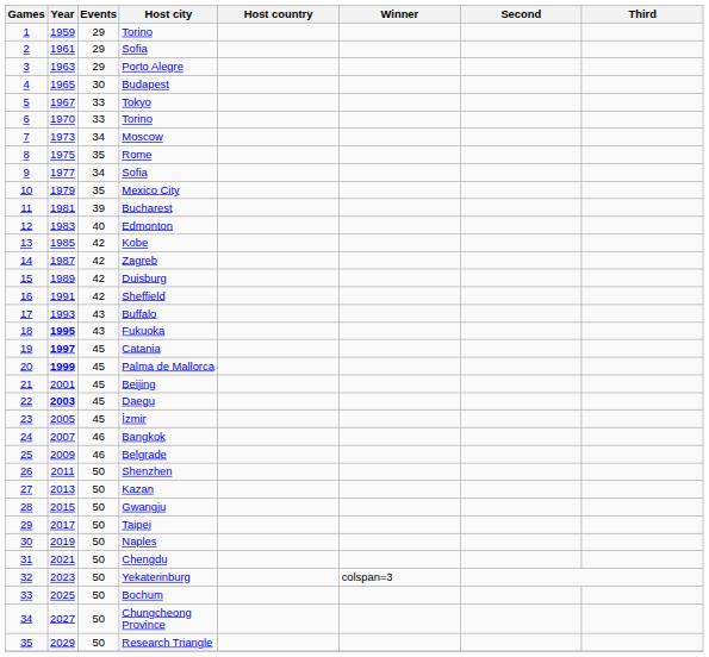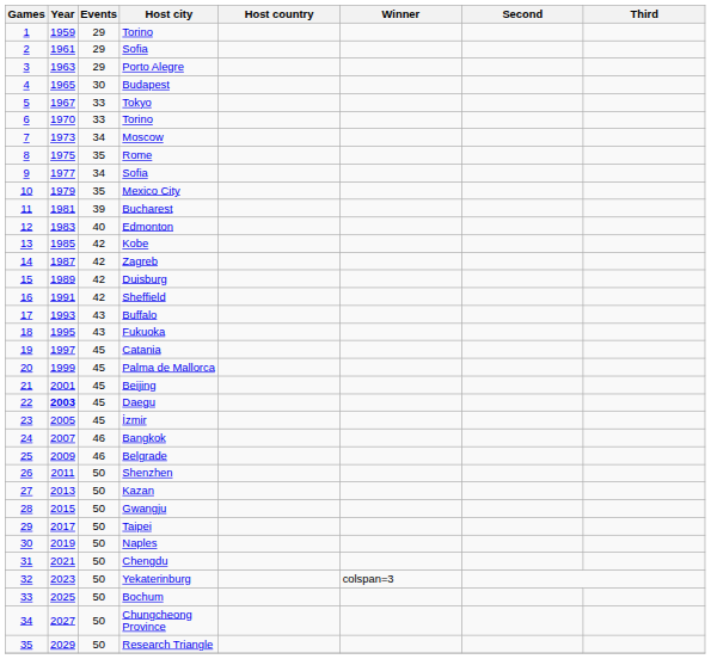 <table class=wikitable style=font-size:90%;>
 <tr>
 <th width=40>Games</th>
 <th width=30>Year</th>
 <th width=30>Events</th>
 <th width=120>Host city</th>
 <th width=150>Host country</th>
 <th width=150>Winner</th>
 <th width=150>Second</th>
 <th width=150>Third</th>
 </tr>
 <tr>
 <td align=center><a href='#'>1</a></td>
 <td align=center><a href='#'>1959</a></td>
 <td align=center>29</td>
 <td><a href='#'>Torino</a></td>
 <td></td>
 <td></td>
 <td></td>
 <td></td>
 </tr>
 <tr>
 <td align=center><a href='#'>2</a></td>
 <td align=center><a href='#'>1961</a></td>
 <td align=center>29</td>
 <td><a href='#'>Sofia</a></td>
 <td></td>
 <td></td>
 <td></td>
 <td></td>
 </tr>
 <tr>
 <td align=center><a href='#'>3</a></td>
 <td align=center><a href='#'>1963</a></td>
 <td align=center>29</td>
 <td><a href='#'>Porto Alegre</a></td>
 <td></td>
 <td></td>
 <td></td>
 <td></td>
 </tr>
 <tr>
 <td align=center><a href='#'>4</a></td>
 <td align=center><a href='#'>1965</a></td>
 <td align=center>30</td>
 <td><a href='#'>Budapest</a></td>
 <td></td>
 <td></td>
 <td></td>
 <td></td>
 </tr>
 <tr>
 <td align=center><a href='#'>5</a></td>
 <td align=center><a href='#'>1967</a></td>
 <td align=center>33</td>
 <td><a href='#'>Tokyo</a></td>
 <td></td>
 <td></td>
 <td></td>
 <td></td>
 </tr>
 <tr>
 <td align=center><a href='#'>6</a></td>
 <td align=center><a href='#'>1970</a></td>
 <td align=center>33</td>
 <td><a href='#'>Torino</a></td>
 <td></td>
 <td></td>
 <td></td>
 <td></td>
 </tr>
 <tr>
 <td align=center><a href='#'>7</a></td>
 <td align=center><a href='#'>1973</a></td>
 <td align=center>34</td>
 <td><a href='#'>Moscow</a></td>
 <td></td>
 <td></td>
 <td></td>
 <td></td>
 </tr>
 <tr>
 <td align=center><a href='#'>8</a></td>
 <td align=center><a href='#'>1975</a></td>
 <td align=center>35</td>
 <td><a href='#'>Rome</a></td>
 <td></td>
 <td></td>
 <td></td>
 <td></td>
 </tr>
 <tr>
 <td align=center><a href='#'>9</a></td>
 <td align=center><a href='#'>1977</a></td>
 <td align=center>34</td>
 <td><a href='#'>Sofia</a></td>
 <td></td>
 <td></td>
 <td></td>
 <td></td>
 </tr>
 <tr>
 <td align=center><a href='#'>10</a></td>
 <td align=center><a href='#'>1979</a></td>
 <td align=center>35</td>
 <td><a href='#'>Mexico City</a></td>
 <td></td>
 <td></td>
 <td></td>
 <td></td>
 </tr>
 <tr>
 <td align=center><a href='#'>11</a></td>
 <td align=center><a href='#'>1981</a></td>
 <td align=center>39</td>
 <td><a href='#'>Bucharest</a></td>
 <td></td>
 <td></td>
 <td></td>
 <td></td>
 </tr>
 <tr>
 <td align=center><a href='#'>12</a></td>
 <td align=center><a href='#'>1983</a></td>
 <td align=center>40</td>
 <td><a href='#'>Edmonton</a></td>
 <td></td>
 <td></td>
 <td></td>
 <td></td>
 </tr>
 <tr>
 <td align=center><a href='#'>13</a></td>
 <td align=center><a href='#'>1985</a></td>
 <td align=center>42</td>
 <td><a href='#'>Kobe</a></td>
 <td></td>
 <td></td>
 <td></td>
 <td></td>
 </tr>
 <tr>
 <td align=center><a href='#'>14</a></td>
 <td align=center><a href='#'>1987</a></td>
 <td align=center>42</td>
 <td><a href='#'>Zagreb</a></td>
 <td></td>
 <td></td>
 <td></td>
 <td></td>
 </tr>
 <tr>
 <td align=center><a href='#'>15</a></td>
 <td align=center><a href='#'>1989</a></td>
 <td align=center>42</td>
 <td><a href='#'>Duisburg</a></td>
 <td></td>
 <td></td>
 <td></td>
 <td></td>
 </tr>
 <tr>
 <td align=center><a href='#'>16</a></td>
 <td align=center><a href='#'>1991</a></td>
 <td align=center>42</td>
 <td><a href='#'>Sheffield</a></td>
 <td></td>
 <td></td>
 <td></td>
 <td></td>
 </tr>
 <tr>
 <td align=center><a href='#'>17</a></td>
 <td align=center><a href='#'>1993</a></td>
 <td align=center>43</td>
 <td><a href='#'>Buffalo</a></td>
 <td></td>
 <td></td>
 <td></td>
 <td></td>
 </tr>
 <tr>
 <td align=center><a href='#'>18</a></td>
-<td align=center><strong><a href='#'>1995</a></strong></td>
+<td align=center><a href='#'>1995</a></td>
 <td align=center>43</td>
 <td><a href='#'>Fukuoka</a></td>
 <td></td>
 <td></td>
 <td></td>
 <td></td>
 </tr>
 <tr>
 <td align=center><a href='#'>19</a></td>
-<td align=center><strong><a href='#'>1997</a></strong></td>
+<td align=center><a href='#'>1997</a></td>
 <td align=center>45</td>
 <td><a href='#'>Catania</a></td>
 <td></td>
 <td></td>
 <td></td>
 <td></td>
 </tr>
 <tr>
 <td align=center><a href='#'>20</a></td>
-<td align=center><strong><a href='#'>1999</a></strong></td>
+<td align=center><a href='#'>1999</a></td>
 <td align=center>45</td>
 <td><a href='#'>Palma de Mallorca</a></td>
 <td></td>
 <td></td>
 <td></td>
 <td></td>
 </tr>
 <tr>
 <td align=center><a href='#'>21</a></td>
 <td align=center><a href='#'>2001</a></td>
 <td align=center>45</td>
 <td><a href='#'>Beijing</a></td>
 <td></td>
 <td></td>
 <td></td>
 <td></td>
 </tr>
 <tr>
 <td align=center><a href='#'>22</a></td>
 <td align=center><strong><a href='#'>2003</a></strong></td>
 <td align=center>45</td>
 <td><a href='#'>Daegu</a></td>
 <td></td>
 <td></td>
 <td></td>
 <td></td>
 </tr>
 <tr>
 <td align=center><a href='#'>23</a></td>
 <td align=center><a href='#'>2005</a></td>
 <td align=center>45</td>
 <td><a href='#'>İzmir</a></td>
 <td></td>
 <td></td>
 <td></td>
 <td></td>
 </tr>
 <tr>
 <td align=center><a href='#'>24</a></td>
 <td align=center><a href='#'>2007</a></td>
 <td align=center>46</td>
 <td><a href='#'>Bangkok</a></td>
 <td></td>
 <td></td>
 <td></td>
 <td></td>
 </tr>
 <tr>
 <td align=center><a href='#'>25</a></td>
 <td align=center><a href='#'>2009</a></td>
 <td align=center>46</td>
 <td><a href='#'>Belgrade</a></td>
 <td></td>
 <td></td>
 <td></td>
 <td></td>
 </tr>
 <tr>
 <td align=center><a href='#'>26</a></td>
 <td align=center><a href='#'>2011</a></td>
 <td align=center>50</td>
 <td><a href='#'>Shenzhen</a></td>
 <td></td>
 <td></td>
 <td></td>
 <td></td>
 </tr>
 <tr>
 <td align=center><a href='#'>27</a></td>
 <td align=center><a href='#'>2013</a></td>
 <td align=center>50</td>
 <td><a href='#'>Kazan</a></td>
 <td></td>
 <td></td>
 <td></td>
 <td></td>
 </tr>
 <tr>
 <td align=center><a href='#'>28</a></td>
 <td align=center><a href='#'>2015</a></td>
 <td align=center>50</td>
 <td><a href='#'>Gwangju</a></td>
 <td></td>
 <td></td>
 <td></td>
 <td></td>
 </tr>
 <tr>
 <td align=center><a href='#'>29</a></td>
 <td align=center><a href='#'>2017</a></td>
 <td align=center>50</td>
 <td><a href='#'>Taipei</a></td>
 <td></td>
 <td></td>
 <td></td>
 <td></td>
 </tr>
 <tr>
 <td align=center><a href='#'>30</a></td>
 <td align=center><a href='#'>2019</a></td>
 <td align=center>50</td>
 <td><a href='#'>Naples</a></td>
 <td></td>
 <td></td>
 <td></td>
 <td></td>
 </tr>
 <tr>
 <td align=center><a href='#'>31</a></td>
 <td align=center><a href='#'>2021</a></td>
 <td align=center>50</td>
 <td><a href='#'>Chengdu</a></td>
 <td></td>
 <td></td>
 <td></td>
 <td></td>
 </tr>
 <tr>
 <td align=center><a href='#'>32</a></td>
 <td align=center><a href='#'>2023</a></td>
 <td align=center>50</td>
 <td><a href='#'>Yekaterinburg</a></td>
 <td></td>
 <td>colspan=3 </td>
 </tr>
 <tr>
 <td align=center><a href='#'>33</a></td>
 <td align=center><a href='#'>2025</a></td>
 <td align=center>50</td>
 <td><a href='#'>Bochum</a></td>
 <td></td>
 <td></td>
 <td></td>
 <td></td>
 </tr>
 <tr>
 <td align=center><a href='#'>34</a></td>
 <td align=center><a href='#'>2027</a></td>
 <td align=center>50</td>
 <td><a href='#'>Chungcheong Province</a></td>
 <td></td>
 <td></td>
 <td></td>
 <td></td>
 </tr>
 <tr>
 <td align=center><a href='#'>35</a></td>
 <td align=center><a href='#'>2029</a></td>
 <td align=center>50</td>
 <td><a href='#'>Research Triangle</a></td>
 <td></td>
 <td></td>
 <td></td>
 <td></td>
 </tr>
 <tr>
 </tr>
 </table>
